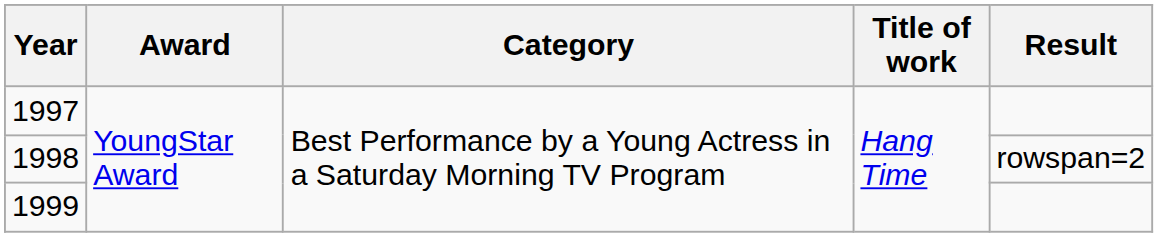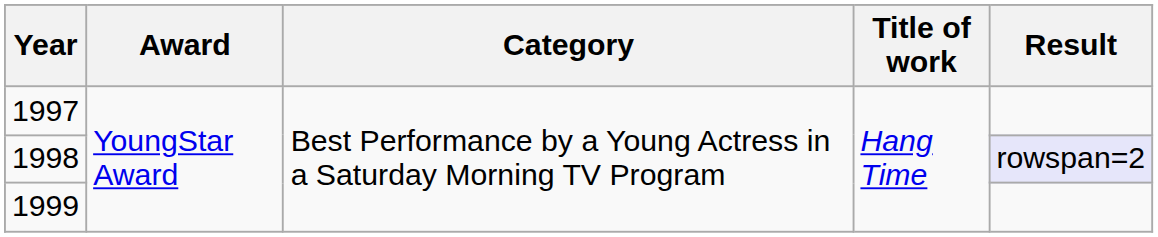 <table class="wikitable sortable">
 <tr>
 <th>Year</th>
 <th>Award</th>
 <th>Category</th>
 <th>Title of work</th>
 <th>Result</th>
 </tr>
 <tr>
 <td>1997</td>
 <td rowspan=3><a href='#'>YoungStar Award</a></td>
 <td rowspan=3>Best Performance by a Young Actress in a Saturday Morning TV Program</td>
 <td rowspan=3><em><a href='#'>Hang Time</a></em></td>
 <td></td>
 </tr>
 <tr>
 <td>1998</td>
-<td>rowspan=2 </td>
+<td style="background: lavender;">rowspan=2 </td>
 </tr>
 <tr>
 <td>1999</td>
 </tr>
 </table>
